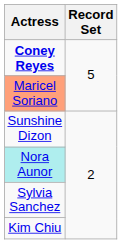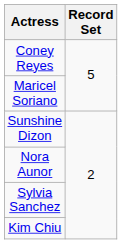 <table class="wikitable"  style="width:20%; text-align:center;">
 <tr>
 <th width=10%>Actress</th>
 <th width=5%>Record Set</th>
 </tr>
 <tr>
-<td><strong><a href='#'>Coney Reyes</a></strong></td>
+<td><a href='#'>Coney Reyes</a></td>
 <td rowspan=2>5</td>
 </tr>
 <tr>
-<td style="background: lightsalmon;"><a href='#'>Maricel Soriano</a></td>
+<td><a href='#'>Maricel Soriano</a></td>
 </tr>
 <tr>
 <td><a href='#'>Sunshine Dizon</a></td>
 <td rowspan=4>2</td>
 </tr>
 <tr>
-<td style="background: paleturquoise;"><a href='#'>Nora Aunor</a></td>
+<td><a href='#'>Nora Aunor</a></td>
 </tr>
 <tr>
 <td><a href='#'>Sylvia Sanchez</a></td>
 </tr>
 <tr>
 <td><a href='#'>Kim Chiu</a></td>
 </tr>
 </table>
